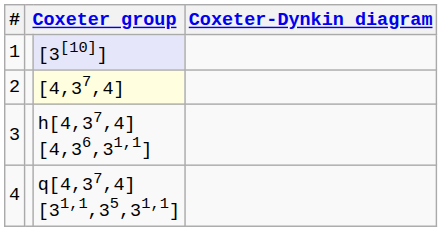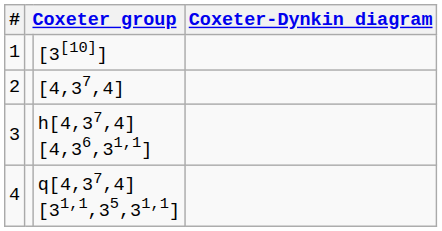 <table class=wikitable>
 <tr>
 <th>#</th>
 <th colspan=2><a href='#'>Coxeter group</a></th>
 <th><a href='#'>Coxeter-Dynkin diagram</a></th>
 </tr>
 <tr>
 <td>1</td>
 <td></td>
-<td style="background: lavender;">[3<sup>[10]</sup>]</td>
+<td>[3<sup>[10]</sup>]</td>
 <td></td>
 </tr>
 <tr>
 <td>2</td>
 <td></td>
-<td style="background: lightyellow;">[4,3<sup>7</sup>,4]</td>
+<td>[4,3<sup>7</sup>,4]</td>
 <td></td>
 </tr>
 <tr>
 <td>3</td>
 <td></td>
 <td>h[4,3<sup>7</sup>,4]<br>[4,3<sup>6</sup>,3<sup>1,1</sup>]</td>
 <td></td>
 </tr>
 <tr>
 <td>4</td>
 <td></td>
 <td>q[4,3<sup>7</sup>,4]<br>[3<sup>1,1</sup>,3<sup>5</sup>,3<sup>1,1</sup>]</td>
 <td></td>
 </tr>
 </table>
